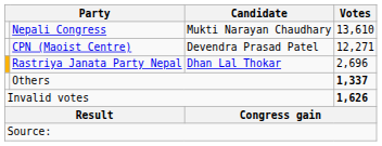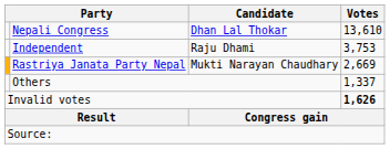 <table class="wikitable">
 <tr>
 <th colspan="2">Party</th>
 <th>Candidate</th>
 <th>Votes</th>
 </tr>
 <tr>
 <td style="background-color:"></td>
 <td><a href='#'>Nepali Congress</a></td>
-<td>Mukti Narayan Chaudhary</td>
+<td><a href='#'>Dhan Lal Thokar</a></td>
 <td>13,610</td>
 </tr>
 <tr>
 <td style="background-color:"></td>
-<td><a href='#'>CPN (Maoist Centre)</a></td>
-<td>Devendra Prasad Patel</td>
-<td>12,271</td>
+<td><a href='#'>Independent</a></td>
+<td>Raju Dhami</td>
+<td>3,753</td>
 </tr>
 <tr>
 <td style="background-color:#ffb300"></td>
 <td><a href='#'>Rastriya Janata Party Nepal</a></td>
-<td><a href='#'>Dhan Lal Thokar</a></td>
-<td>2,696</td>
+<td>Mukti Narayan Chaudhary</td>
+<td>2,669</td>
 </tr>
 <tr>
 <td></td>
 <td colspan="2">Others</td>
-<td><strong>1,337</strong></td>
+<td>1,337</td>
 </tr>
 <tr>
 <td colspan="3">Invalid votes</td>
 <td><strong>1,626</strong></td>
 </tr>
 <tr>
 <th colspan="2">Result</th>
 <th colspan="2">Congress gain</th>
 </tr>
 <tr>
 <td colspan="4">Source: </td>
 </tr>
 </table>
